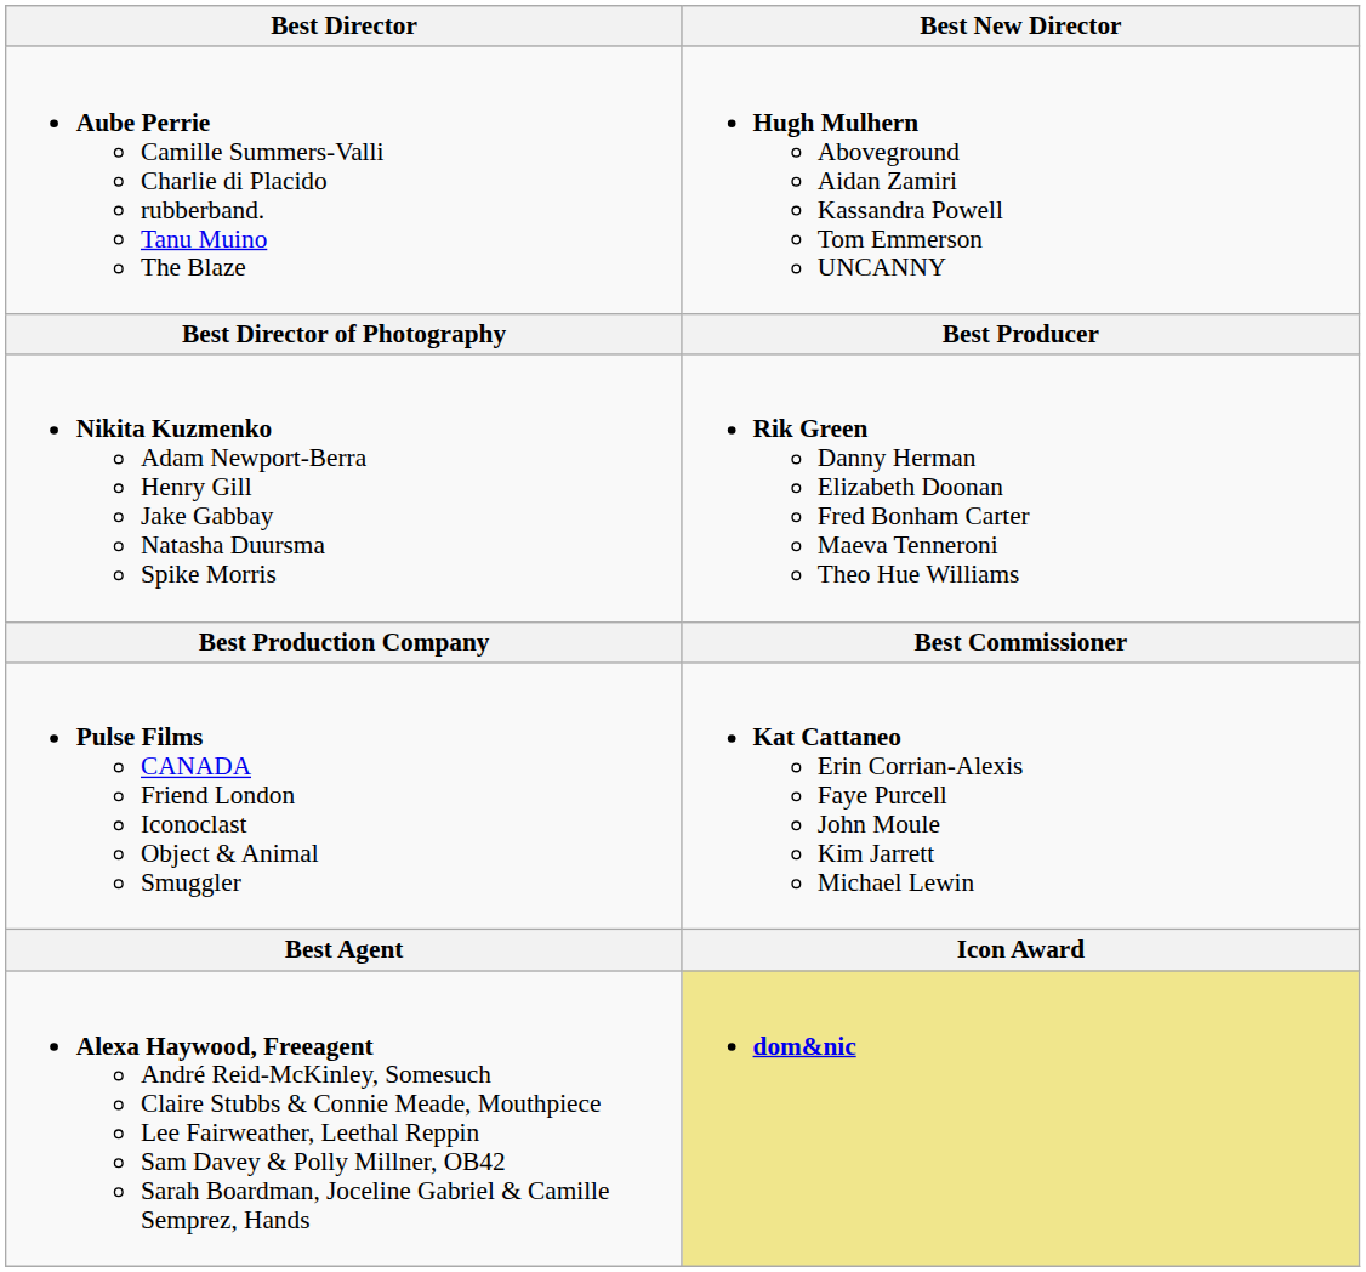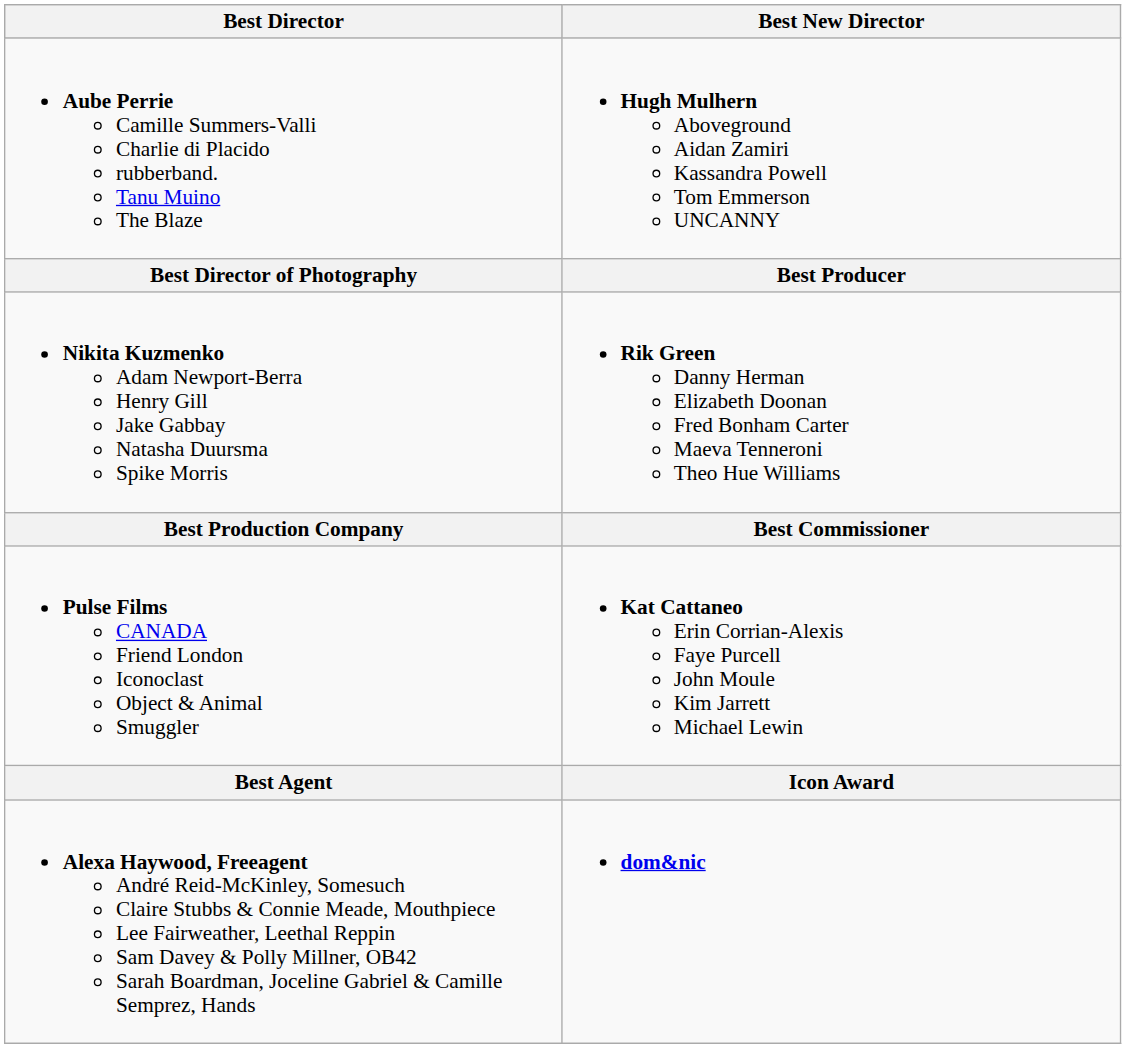 <table class="wikitable" style="width:95%">
 <tr bgcolor="#bebebe">
 <th width="50%">Best Director</th>
 <th width="50%">Best New Director</th>
 </tr>
 <tr>
 <td valign="top"><br><ul><li><strong>Aube Perrie</strong><ul><li>Camille Summers-Valli</li><li>Charlie di Placido</li><li>rubberband.</li><li><a href='#'>Tanu Muino</a></li><li>The Blaze</li></ul></li></ul></td>
 <td valign="top"><br><ul><li><strong>Hugh Mulhern</strong><ul><li>Aboveground</li><li>Aidan Zamiri</li><li>Kassandra Powell</li><li>Tom Emmerson</li><li>UNCANNY</li></ul></li></ul></td>
 </tr>
 <tr>
 <th width="50%">Best Director of Photography</th>
 <th width="50%">Best Producer</th>
 </tr>
 <tr>
 <td valign="top"><br><ul><li><strong>Nikita Kuzmenko</strong><ul><li>Adam Newport-Berra</li><li>Henry Gill</li><li>Jake Gabbay</li><li>Natasha Duursma</li><li>Spike Morris</li></ul></li></ul></td>
 <td valign="top"><br><ul><li><strong>Rik Green</strong><ul><li>Danny Herman</li><li>Elizabeth Doonan</li><li>Fred Bonham Carter</li><li>Maeva Tenneroni</li><li>Theo Hue Williams</li></ul></li></ul></td>
 </tr>
 <tr>
 <th width="50%">Best Production Company</th>
 <th width="50%">Best Commissioner</th>
 </tr>
 <tr>
 <td valign="top"><br><ul><li><strong>Pulse Films</strong><ul><li><a href='#'>CANADA</a></li><li>Friend London</li><li>Iconoclast</li><li>Object & Animal</li><li>Smuggler</li></ul></li></ul></td>
 <td valign="top"><br><ul><li><strong>Kat Cattaneo</strong><ul><li>Erin Corrian-Alexis</li><li>Faye Purcell</li><li>John Moule</li><li>Kim Jarrett</li><li>Michael Lewin</li></ul></li></ul></td>
 </tr>
 <tr>
 <th width="50%">Best Agent</th>
 <th width="50%">Icon Award</th>
 </tr>
 <tr>
 <td valign="top"><br><ul><li><strong>Alexa Haywood, Freeagent</strong><ul><li>André Reid-McKinley, Somesuch</li><li>Claire Stubbs & Connie Meade, Mouthpiece</li><li>Lee Fairweather, Leethal Reppin</li><li>Sam Davey & Polly Millner, OB42</li><li>Sarah Boardman, Joceline Gabriel & Camille Semprez, Hands</li></ul></li></ul></td>
-<td valign="top" style="background: khaki;"><br><ul><li><strong><a href='#'>dom&nic</a></strong></li></ul></td>
+<td valign="top"><br><ul><li><strong><a href='#'>dom&nic</a></strong></li></ul></td>
 </tr>
 <tr>
 </tr>
 </table>
